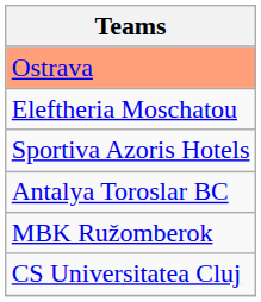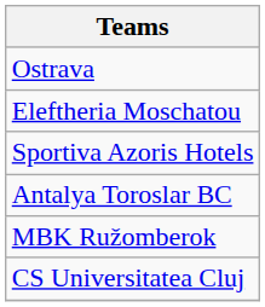 <table class="wikitable">
 <tr>
 <th>Teams</th>
 </tr>
 <tr>
-<td style="background: lightsalmon;"> <a href='#'>Ostrava</a></td>
+<td> <a href='#'>Ostrava</a></td>
 </tr>
 <tr>
 <td> <a href='#'>Eleftheria Moschatou</a></td>
 </tr>
 <tr>
 <td> <a href='#'>Sportiva Azoris Hotels</a></td>
 </tr>
 <tr>
 <td> <a href='#'>Antalya Toroslar BC</a></td>
 </tr>
 <tr>
 <td> <a href='#'>MBK Ružomberok</a></td>
 </tr>
 <tr>
 <td> <a href='#'>CS Universitatea Cluj</a></td>
 </tr>
 <tr>
 </tr>
 </table>
